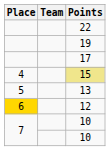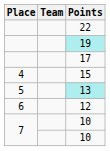 <table class="wikitable" style="text-align:center; margin-bottom:0;">
 <tr>
 <th>Place</th>
 <th style="text-align:left;">Team</th>
 <th>Points</th>
 </tr>
 <tr>
 <td></td>
 <td align=left></td>
 <td>22</td>
 </tr>
 <tr>
 <td></td>
 <td align=left></td>
-<td>19</td>
+<td style="background: paleturquoise;">19</td>
 </tr>
 <tr>
 <td></td>
 <td align=left></td>
 <td>17</td>
 </tr>
 <tr>
 <td>4</td>
 <td align=left></td>
-<td style="background: khaki;">15</td>
+<td>15</td>
 </tr>
 <tr>
 <td>5</td>
 <td align=left></td>
-<td>13</td>
+<td style="background: paleturquoise;">13</td>
 </tr>
 <tr>
-<td style="background: gold;">6</td>
+<td>6</td>
 <td align=left></td>
 <td>12</td>
 </tr>
 <tr>
 <td rowspan=2>7</td>
 <td align=left></td>
 <td>10</td>
 </tr>
 <tr>
 <td align=left></td>
 <td>10</td>
 </tr>
 </table>
